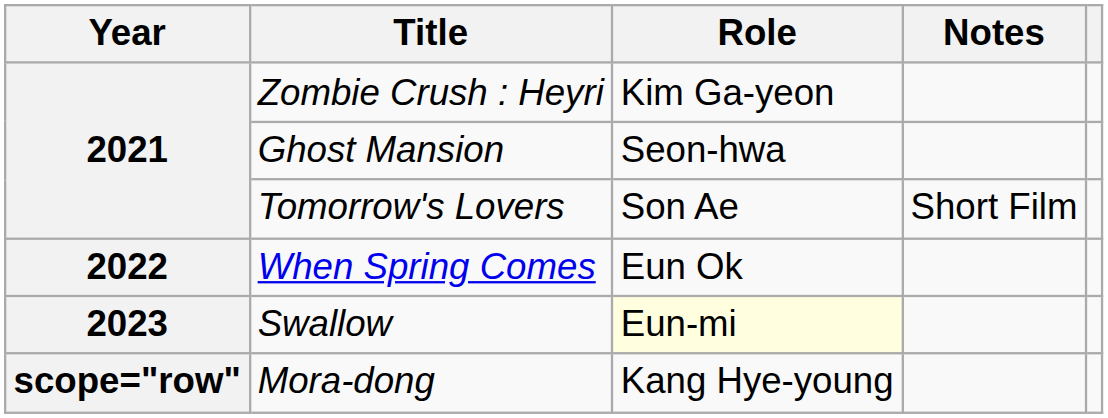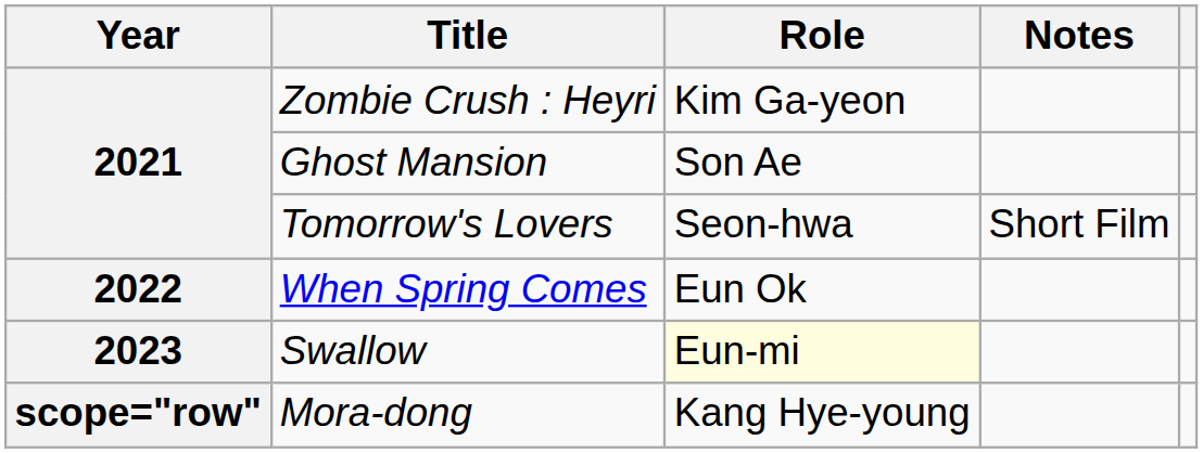 <table class="wikitable plainrowheaders sortable">
 <tr>
 <th scope="col">Year</th>
 <th scope="col">Title</th>
 <th scope="col">Role</th>
 <th scope="col">Notes</th>
 <th scope="col" class="unsortable"></th>
 </tr>
 <tr>
 <th scope="row" rowspan="3">2021</th>
 <td><em>Zombie Crush : Heyri</em></td>
 <td>Kim Ga-yeon</td>
 <td></td>
 <td style="text-align:center"></td>
 </tr>
 <tr>
 <td><em>Ghost Mansion</em></td>
-<td>Seon-hwa</td>
+<td>Son Ae</td>
 <td></td>
 <td style="text-align:center"></td>
 </tr>
 <tr>
 <td><em>Tomorrow's Lovers</em></td>
-<td>Son Ae</td>
+<td>Seon-hwa</td>
 <td>Short Film</td>
 <td style="text-align:center"></td>
 </tr>
 <tr>
 <th scope="row" rowspan="1">2022</th>
 <td><em><a href='#'>When Spring Comes</a></em></td>
 <td>Eun Ok</td>
 <td></td>
 <td style="text-align:center"></td>
 </tr>
 <tr>
 <th scope="row">2023</th>
 <td><em>Swallow</em></td>
 <td style="background: lightyellow;">Eun-mi</td>
 <td></td>
 <td></td>
 </tr>
 <tr>
 <th>scope="row" </th>
 <td><em>Mora-dong</em></td>
 <td>Kang Hye-young</td>
 <td></td>
 <td style="text-align:center"></td>
 </tr>
 </table>
